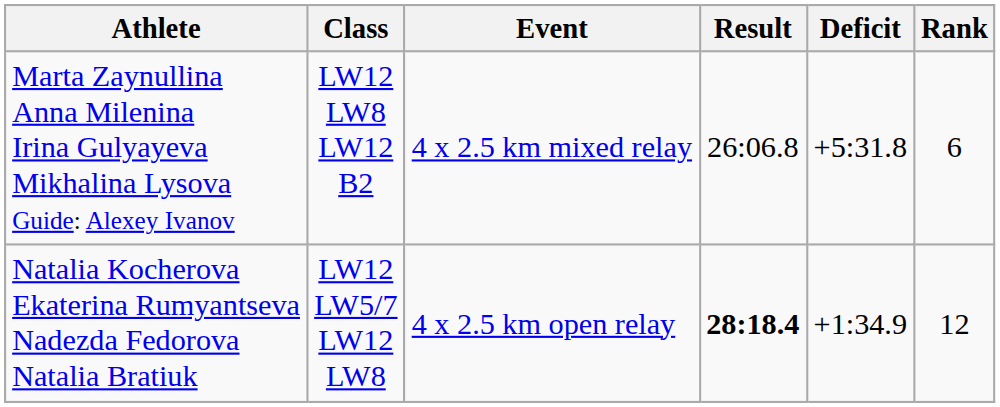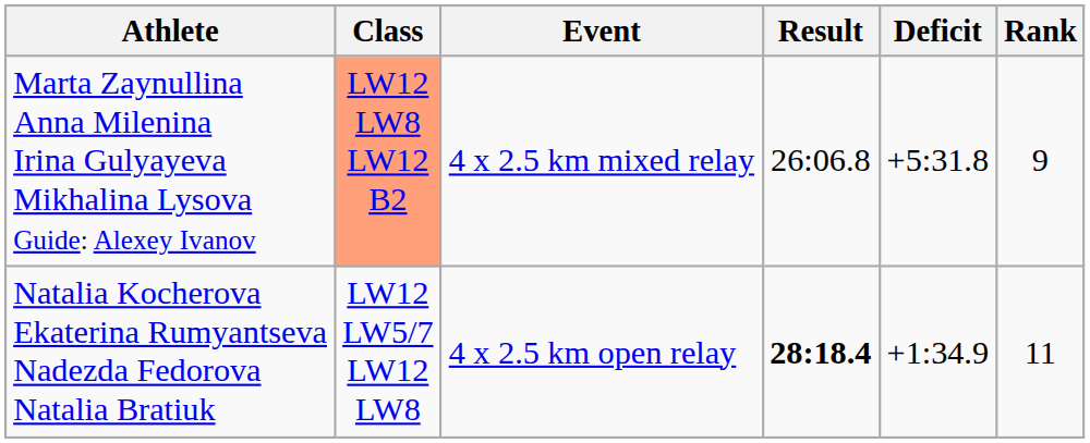 <table class="wikitable" style="font-size:90%">
 <tr style="font-size: 95%">
 <th>Athlete</th>
 <th>Class</th>
 <th>Event</th>
 <th>Result</th>
 <th>Deficit</th>
 <th>Rank</th>
 </tr>
 <tr align=center>
 <td align=left><a href='#'>Marta Zaynullina</a><br><a href='#'>Anna Milenina</a><br><a href='#'>Irina Gulyayeva</a><br><a href='#'>Mikhalina Lysova</a><br><small><a href='#'>Guide</a>: <a href='#'>Alexey Ivanov</a></small></td>
-<td><a href='#'>LW12</a><br><a href='#'>LW8</a><br><a href='#'>LW12</a><br><a href='#'>B2</a><br><br></td>
+<td style="background: lightsalmon;"><a href='#'>LW12</a><br><a href='#'>LW8</a><br><a href='#'>LW12</a><br><a href='#'>B2</a><br><br></td>
 <td align=left><a href='#'>4 x 2.5 km mixed relay</a></td>
 <td>26:06.8</td>
 <td>+5:31.8</td>
-<td>6</td>
+<td>9</td>
 </tr>
 <tr align=center>
 <td align=left><a href='#'>Natalia Kocherova</a><br><a href='#'>Ekaterina Rumyantseva</a><br><a href='#'>Nadezda Fedorova</a><br><a href='#'>Natalia Bratiuk</a></td>
 <td><a href='#'>LW12</a><br><a href='#'>LW5/7</a><br><a href='#'>LW12</a><br><a href='#'>LW8</a></td>
 <td align=left><a href='#'>4 x 2.5 km open relay</a></td>
 <td><strong>28:18.4</strong></td>
 <td>+1:34.9</td>
-<td>12</td>
+<td>11</td>
 </tr>
 </table>
